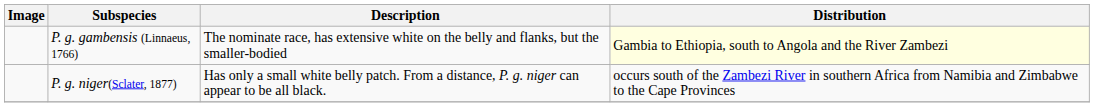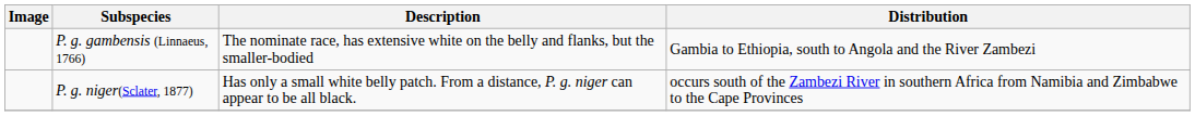 <table class="wikitable ">
 <tr>
 <th>Image</th>
 <th>Subspecies</th>
 <th>Description</th>
 <th>Distribution</th>
 </tr>
 <tr>
 <td></td>
 <td><em>P. g. gambensis</em> <small>(Linnaeus, 1766)</small></td>
 <td>The nominate race, has extensive white on the belly and flanks, but the smaller-bodied</td>
-<td style="background: lightyellow;">Gambia to Ethiopia, south to Angola and the River Zambezi</td>
+<td>Gambia to Ethiopia, south to Angola and the River Zambezi</td>
 </tr>
 <tr>
 <td></td>
 <td><em>P. g. niger</em><small>(<a href='#'>Sclater</a>, 1877)</small></td>
 <td>Has only a small white belly patch. From a distance, <em>P. g. niger</em> can appear to be all black.</td>
 <td>occurs south of the <a href='#'>Zambezi River</a> in southern Africa from Namibia and Zimbabwe to the Cape Provinces</td>
 </tr>
 <tr>
 </tr>
 </table>
